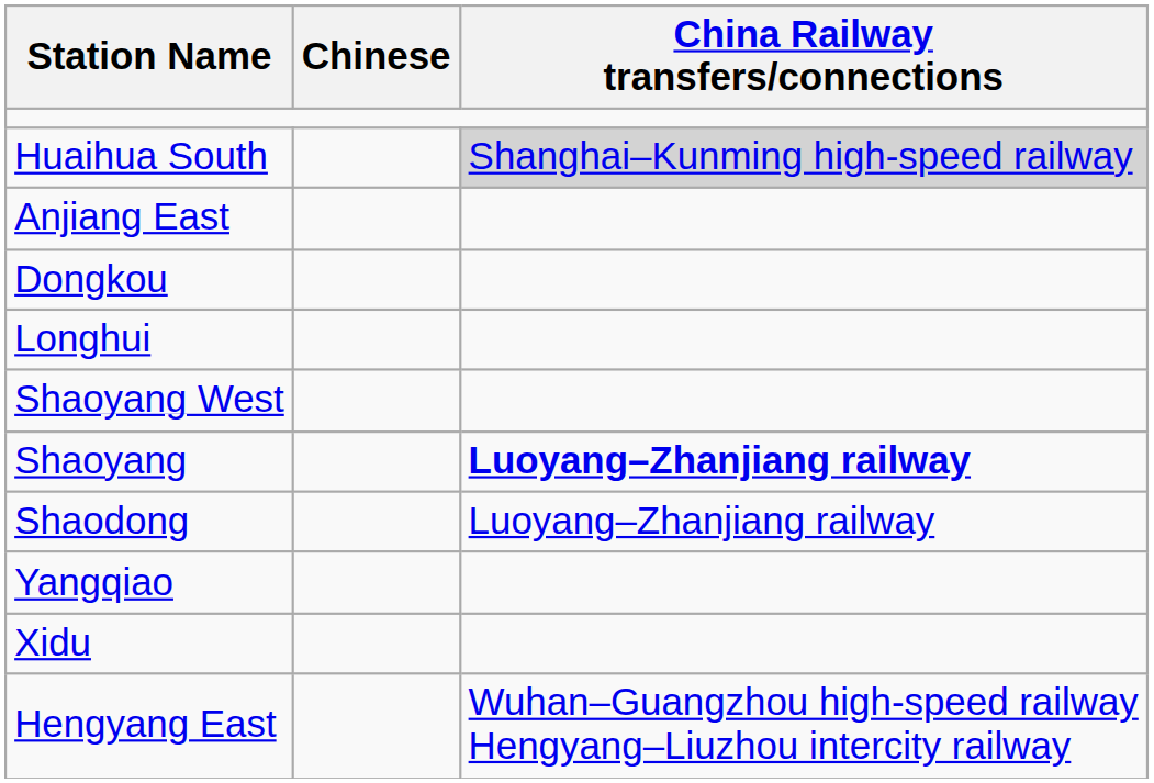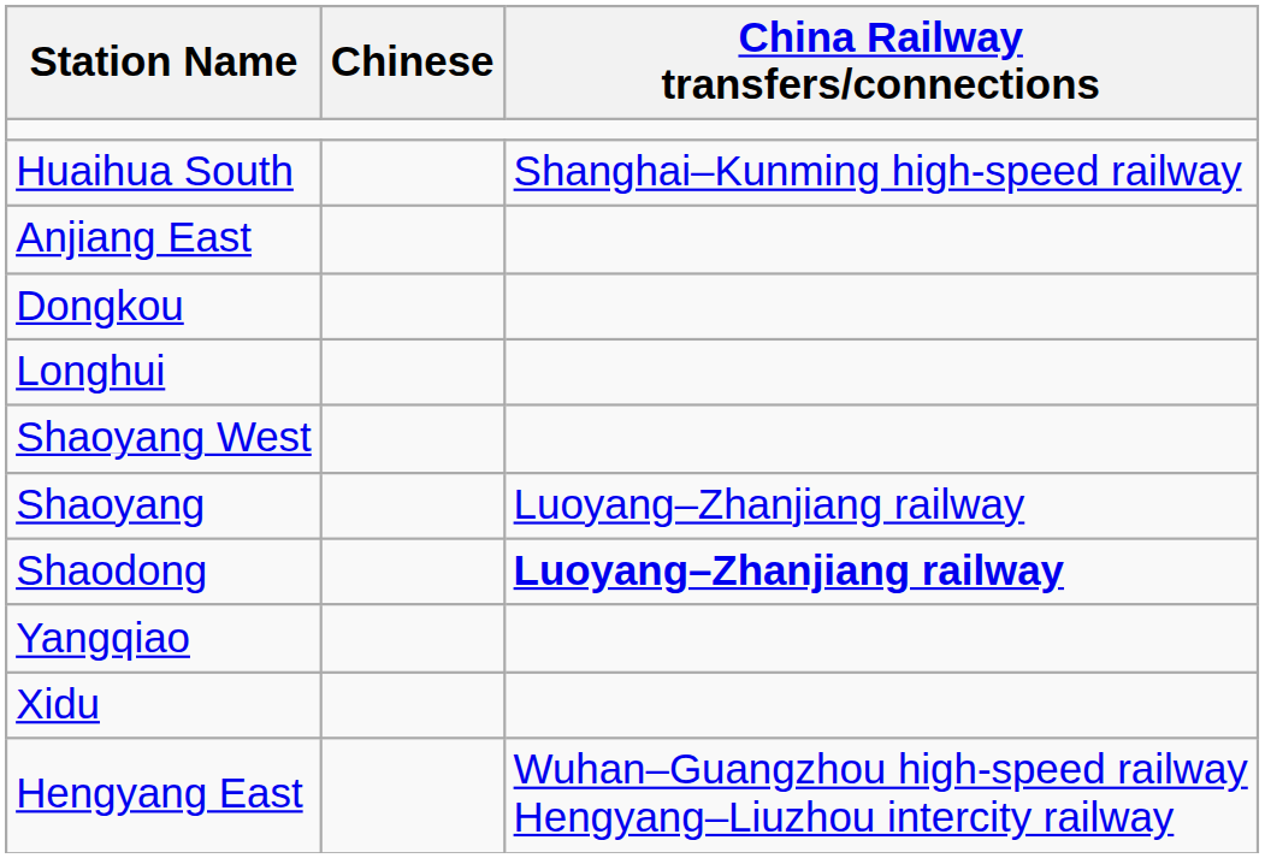 <table class="wikitable">
 <tr>
 <th>Station Name</th>
 <th>Chinese<br></th>
 <th><a href='#'>China Railway</a><br>transfers/connections<br> </th>
 </tr>
 <tr style="background:#">
 <td colspan = "11"></td>
 </tr>
 <tr>
 <td><a href='#'>Huaihua South</a></td>
 <td></td>
-<td style="background: lightgrey;"><a href='#'>Shanghai–Kunming high-speed railway</a></td>
+<td><a href='#'>Shanghai–Kunming high-speed railway</a></td>
 </tr>
 <tr>
 <td><a href='#'>Anjiang East</a></td>
 <td></td>
 <td></td>
 </tr>
 <tr>
 <td><a href='#'>Dongkou</a></td>
 <td></td>
 <td></td>
 </tr>
 <tr>
 <td><a href='#'>Longhui</a></td>
 <td></td>
 <td></td>
 </tr>
 <tr>
 <td><a href='#'>Shaoyang West</a></td>
 <td></td>
 <td></td>
 </tr>
 <tr>
 <td><a href='#'>Shaoyang</a></td>
 <td></td>
-<td><strong><a href='#'>Luoyang–Zhanjiang railway</a></strong></td>
+<td><a href='#'>Luoyang–Zhanjiang railway</a></td>
 </tr>
 <tr>
 <td><a href='#'>Shaodong</a></td>
 <td></td>
-<td><a href='#'>Luoyang–Zhanjiang railway</a></td>
+<td><strong><a href='#'>Luoyang–Zhanjiang railway</a></strong></td>
 </tr>
 <tr>
 <td><a href='#'>Yangqiao</a></td>
 <td></td>
 <td></td>
 </tr>
 <tr>
 <td><a href='#'>Xidu</a></td>
 <td></td>
 <td></td>
 </tr>
 <tr>
 <td><a href='#'>Hengyang East</a></td>
 <td></td>
 <td><a href='#'>Wuhan–Guangzhou high-speed railway</a><br><a href='#'>Hengyang–Liuzhou intercity railway</a></td>
 </tr>
 </table>
